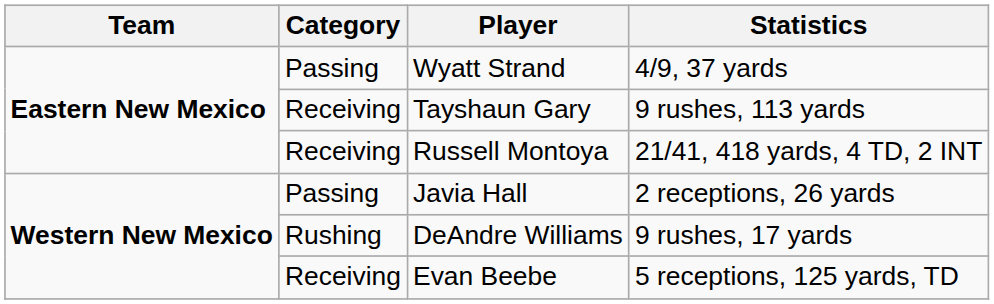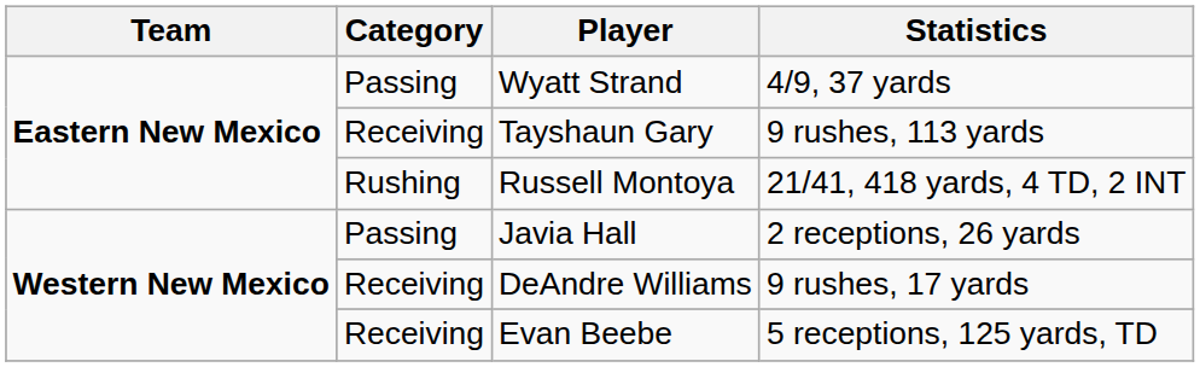 <table class="wikitable" style="float: right;">
 <tr>
 <th>Team</th>
 <th>Category</th>
 <th>Player</th>
 <th>Statistics</th>
 </tr>
 <tr>
 <td rowspan=3><strong>Eastern New Mexico</strong></td>
 <td>Passing</td>
 <td>Wyatt Strand</td>
 <td>4/9, 37 yards</td>
 </tr>
 <tr>
 <td>Receiving</td>
 <td>Tayshaun Gary</td>
 <td>9 rushes, 113 yards</td>
 </tr>
 <tr>
-<td>Receiving</td>
+<td>Rushing</td>
 <td>Russell Montoya</td>
 <td>21/41, 418 yards, 4 TD, 2 INT</td>
 </tr>
 <tr>
 <td rowspan=3><strong>Western New Mexico</strong></td>
 <td>Passing</td>
 <td>Javia Hall</td>
 <td>2 receptions, 26 yards</td>
 </tr>
 <tr>
-<td>Rushing</td>
+<td>Receiving</td>
 <td>DeAndre Williams</td>
 <td>9 rushes, 17 yards</td>
 </tr>
 <tr>
 <td>Receiving</td>
 <td>Evan Beebe</td>
 <td>5 receptions, 125 yards, TD</td>
 </tr>
 </table>
